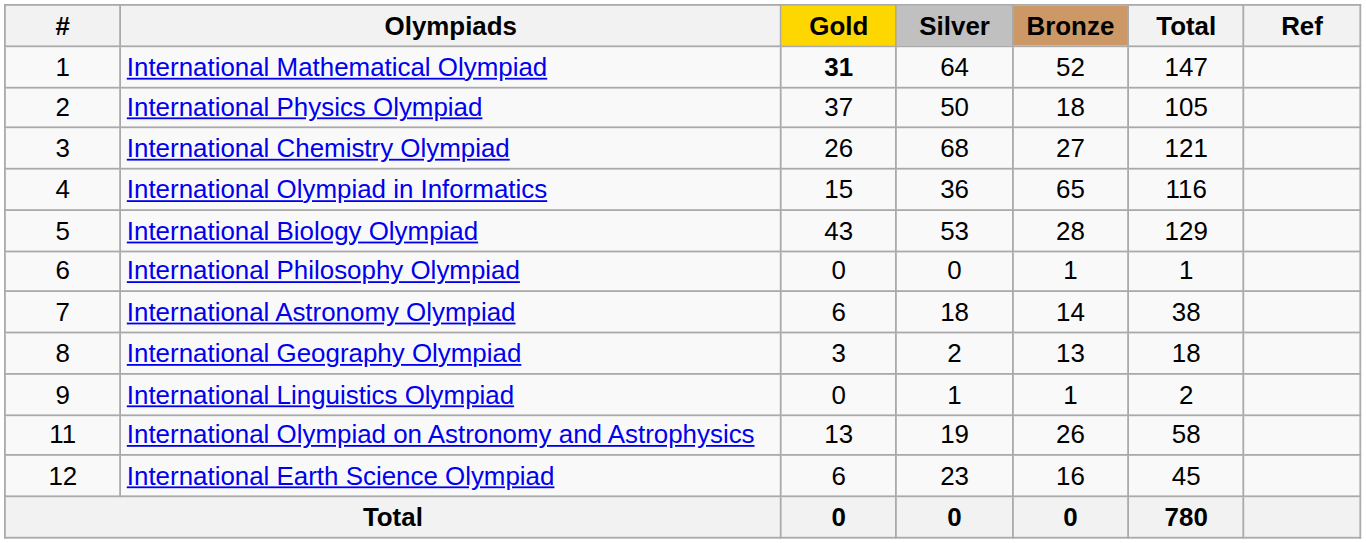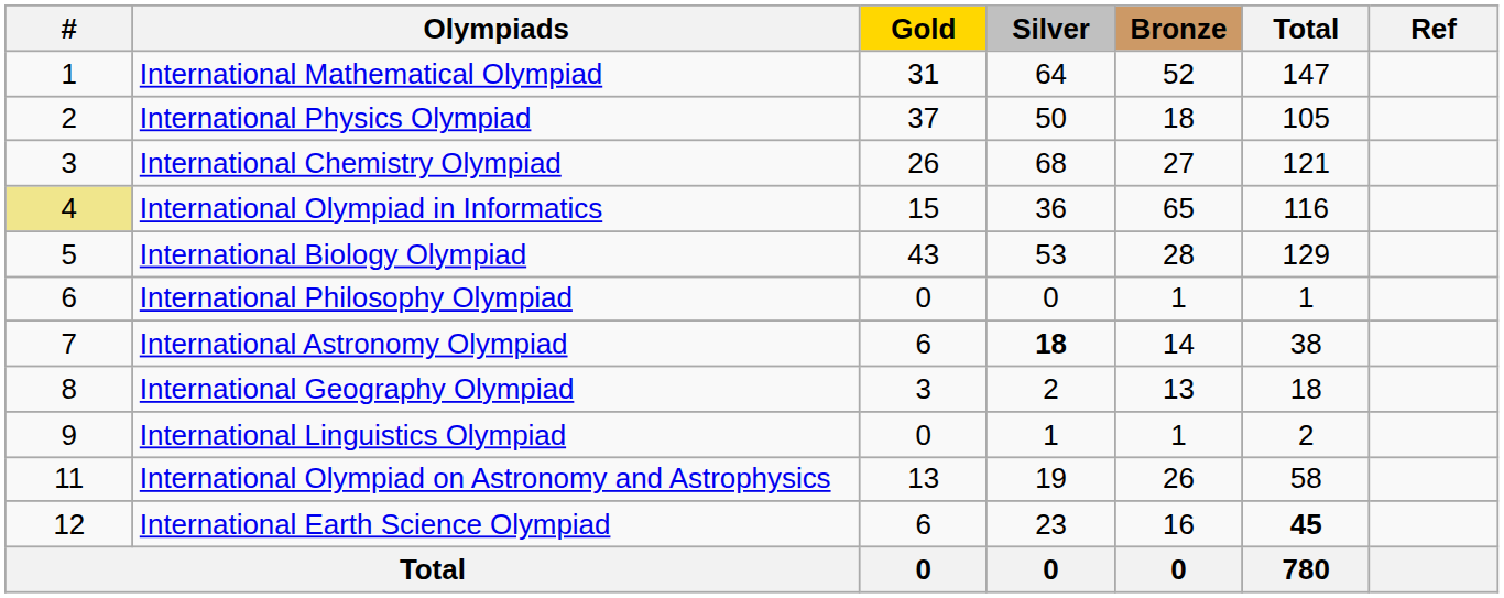 <table class="wikitable sortable" style="text-align:center; font-size:90%;">
 <tr>
 <th style="width:4em;">#</th>
 <th style="width:25em;">Olympiads</th>
 <th style="width:4em; background:gold;">Gold</th>
 <th style="width:4em; background:silver;">Silver</th>
 <th style="width:4em; background:#cc9966;">Bronze</th>
 <th style="width:4em;">Total</th>
 <th style="width:4em;">Ref</th>
 </tr>
 <tr>
 <td>1</td>
 <td align=left><a href='#'>International Mathematical Olympiad</a></td>
-<td><strong>31</strong></td>
+<td>31</td>
 <td>64</td>
 <td>52</td>
 <td>147</td>
 <td></td>
 </tr>
 <tr>
 <td>2</td>
 <td align=left><a href='#'>International Physics Olympiad</a></td>
 <td>37</td>
 <td>50</td>
 <td>18</td>
 <td>105</td>
 <td></td>
 </tr>
 <tr>
 <td>3</td>
 <td align=left><a href='#'>International Chemistry Olympiad</a></td>
 <td>26</td>
 <td>68</td>
 <td>27</td>
 <td>121</td>
 <td></td>
 </tr>
 <tr>
-<td>4</td>
+<td style="background: khaki;">4</td>
 <td align=left><a href='#'>International Olympiad in Informatics</a></td>
 <td>15</td>
 <td>36</td>
 <td>65</td>
 <td>116</td>
 <td></td>
 </tr>
 <tr>
 <td>5</td>
 <td align=left><a href='#'>International Biology Olympiad</a></td>
 <td>43</td>
 <td>53</td>
 <td>28</td>
 <td>129</td>
 <td></td>
 </tr>
 <tr>
 <td>6</td>
 <td align=left><a href='#'>International Philosophy Olympiad</a></td>
 <td>0</td>
 <td>0</td>
 <td>1</td>
 <td>1</td>
 <td></td>
 </tr>
 <tr>
 <td>7</td>
 <td align=left><a href='#'>International Astronomy Olympiad</a></td>
 <td>6</td>
-<td>18</td>
+<td><strong>18</strong></td>
 <td>14</td>
 <td>38</td>
 <td></td>
 </tr>
 <tr>
 <td>8</td>
 <td align=left><a href='#'>International Geography Olympiad</a></td>
 <td>3</td>
 <td>2</td>
 <td>13</td>
 <td>18</td>
 <td></td>
 </tr>
 <tr>
 <td>9</td>
 <td align=left><a href='#'>International Linguistics Olympiad</a></td>
 <td>0</td>
 <td>1</td>
 <td>1</td>
 <td>2</td>
 <td></td>
 </tr>
 <tr>
 <td>11</td>
 <td align=left><a href='#'>International Olympiad on Astronomy and Astrophysics</a></td>
 <td>13</td>
 <td>19</td>
 <td>26</td>
 <td>58</td>
 <td></td>
 </tr>
 <tr>
 <td>12</td>
 <td align=left><a href='#'>International Earth Science Olympiad</a></td>
 <td>6</td>
 <td>23</td>
 <td>16</td>
-<td>45</td>
+<td><strong>45</strong></td>
 <td></td>
 </tr>
 <tr>
 <th colspan=2>Total</th>
 <th>0</th>
 <th>0</th>
 <th>0</th>
 <th>780</th>
 <th></th>
 </tr>
 </table>
